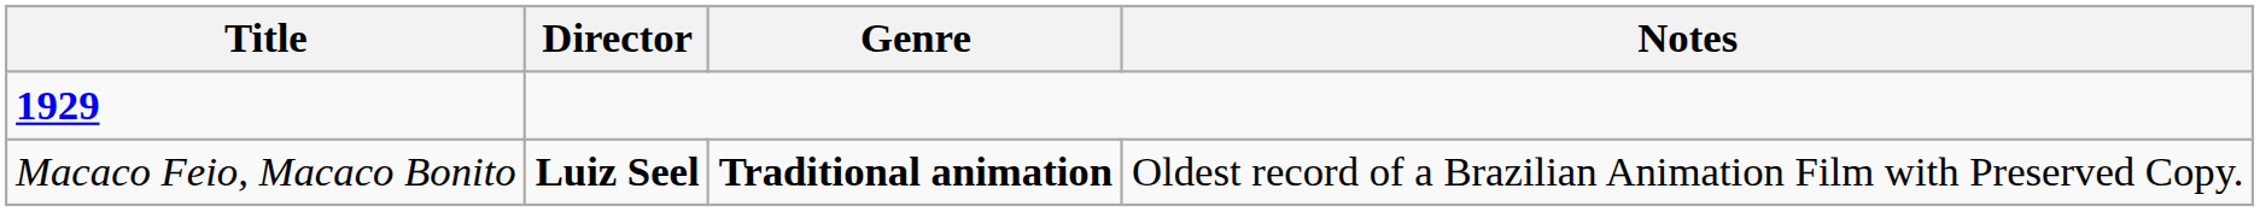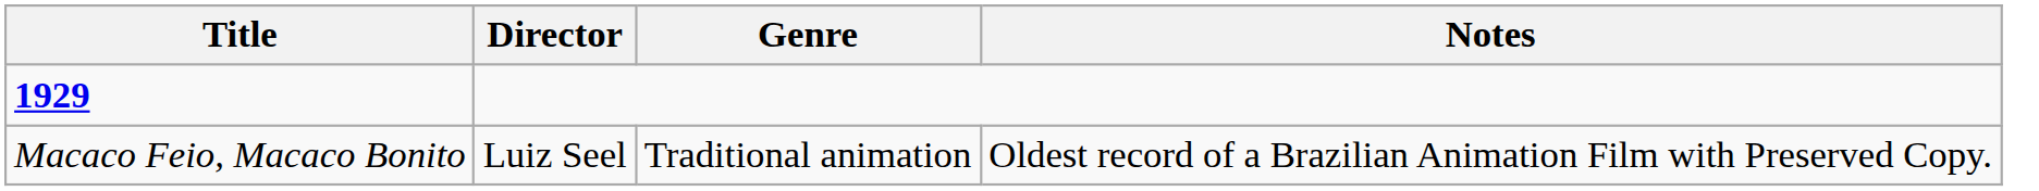 <table class="wikitable">
 <tr>
 <th>Title</th>
 <th>Director</th>
 <th>Genre</th>
 <th>Notes</th>
 </tr>
 <tr>
 <td><strong><a href='#'>1929</a></strong></td>
 </tr>
 <tr>
 <td><em>Macaco Feio, Macaco Bonito</em></td>
-<td><strong>Luiz Seel</strong></td>
-<td><strong>Traditional animation</strong></td>
+<td>Luiz Seel</td>
+<td>Traditional animation</td>
 <td>Oldest record of a Brazilian Animation Film with Preserved Copy.</td>
 </tr>
 </table>
